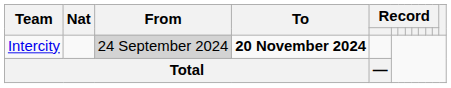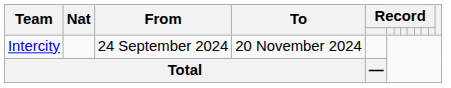 <table class="wikitable" style="text-align: center">
 <tr>
 <th rowspan="2">Team</th>
 <th rowspan="2">Nat</th>
 <th rowspan="2">From</th>
 <th rowspan="2">To</th>
 <th colspan="8">Record</th>
 <th rowspan=2></th>
 </tr>
 <tr>
 <th></th>
 <th></th>
 <th></th>
 <th></th>
 <th></th>
 <th></th>
 <th></th>
 <th></th>
 </tr>
 <tr>
 <td align="left"><a href='#'>Intercity</a></td>
 <td align="center"></td>
-<td align="center" style="background: lightgrey;">24 September 2024</td>
-<td align="center"><strong>20 November 2024<br></strong></td>
+<td align="center">24 September 2024</td>
+<td align="center">20 November 2024<br></td>
 <td></td>
 </tr>
 <tr>
 <th colspan="4">Total<br></th>
 <th>—</th>
 </tr>
 </table>
